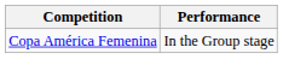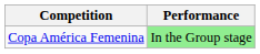 <table class="wikitable">
 <tr>
 <th>Competition</th>
 <th>Performance</th>
 </tr>
 <tr>
 <td><a href='#'>Copa América Femenina</a></td>
-<td>In the Group stage</td>
+<td style="background: lightgreen;">In the Group stage</td>
 </tr>
 </table>
